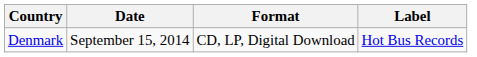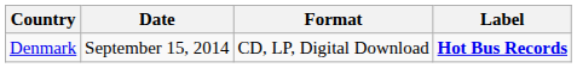 <table class="wikitable">
 <tr>
 <th>Country</th>
 <th>Date</th>
 <th>Format</th>
 <th>Label</th>
 </tr>
 <tr>
 <td><a href='#'>Denmark</a></td>
 <td rowspan="1">September 15, 2014</td>
 <td rowspan="6">CD, LP, Digital Download</td>
-<td rowspan="1"><a href='#'>Hot Bus Records</a></td>
+<td rowspan="1"><strong><a href='#'>Hot Bus Records</a></strong></td>
 </tr>
 </table>
